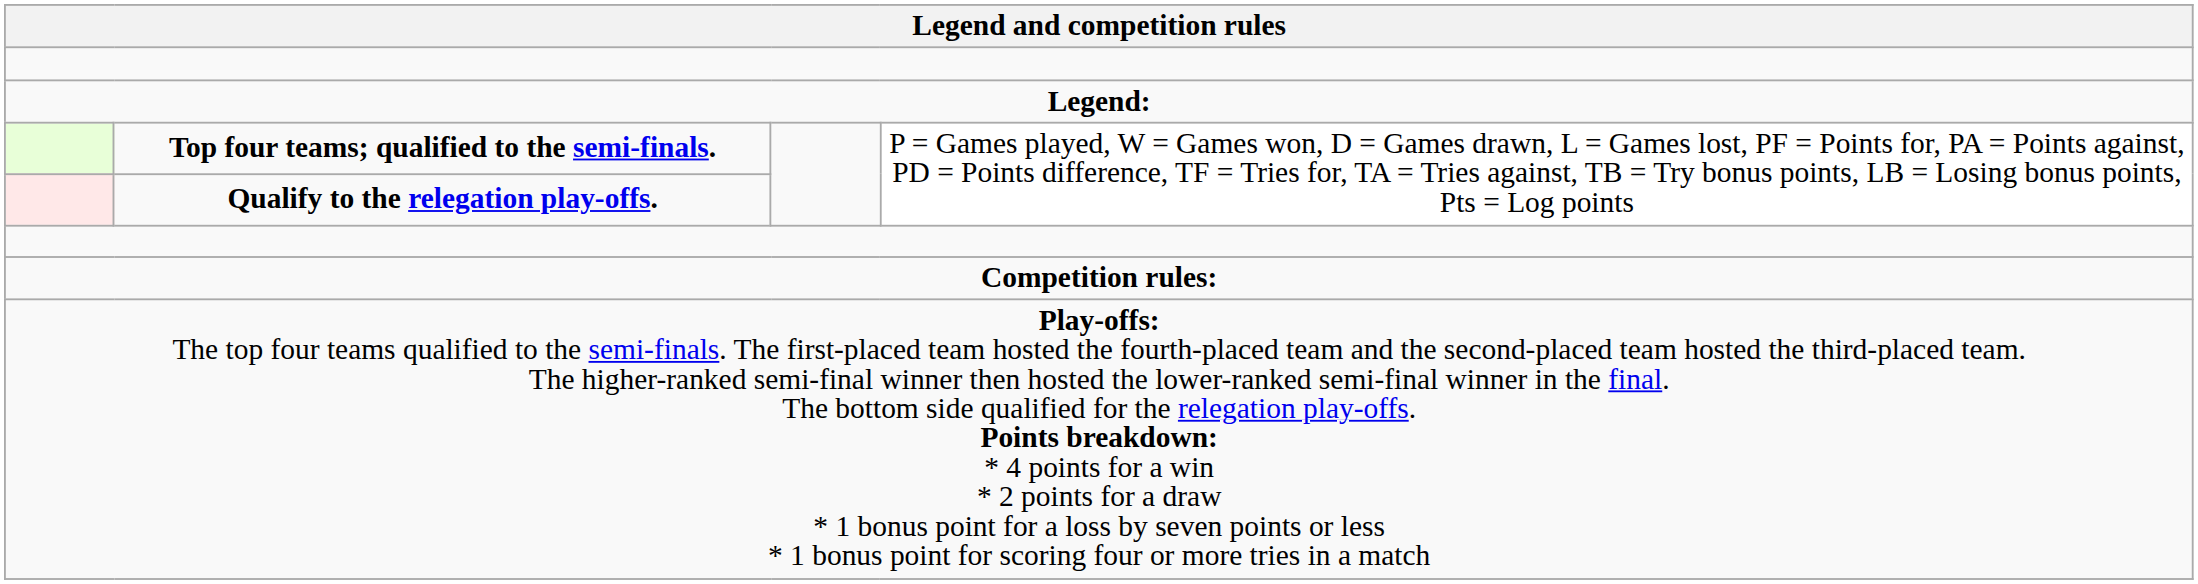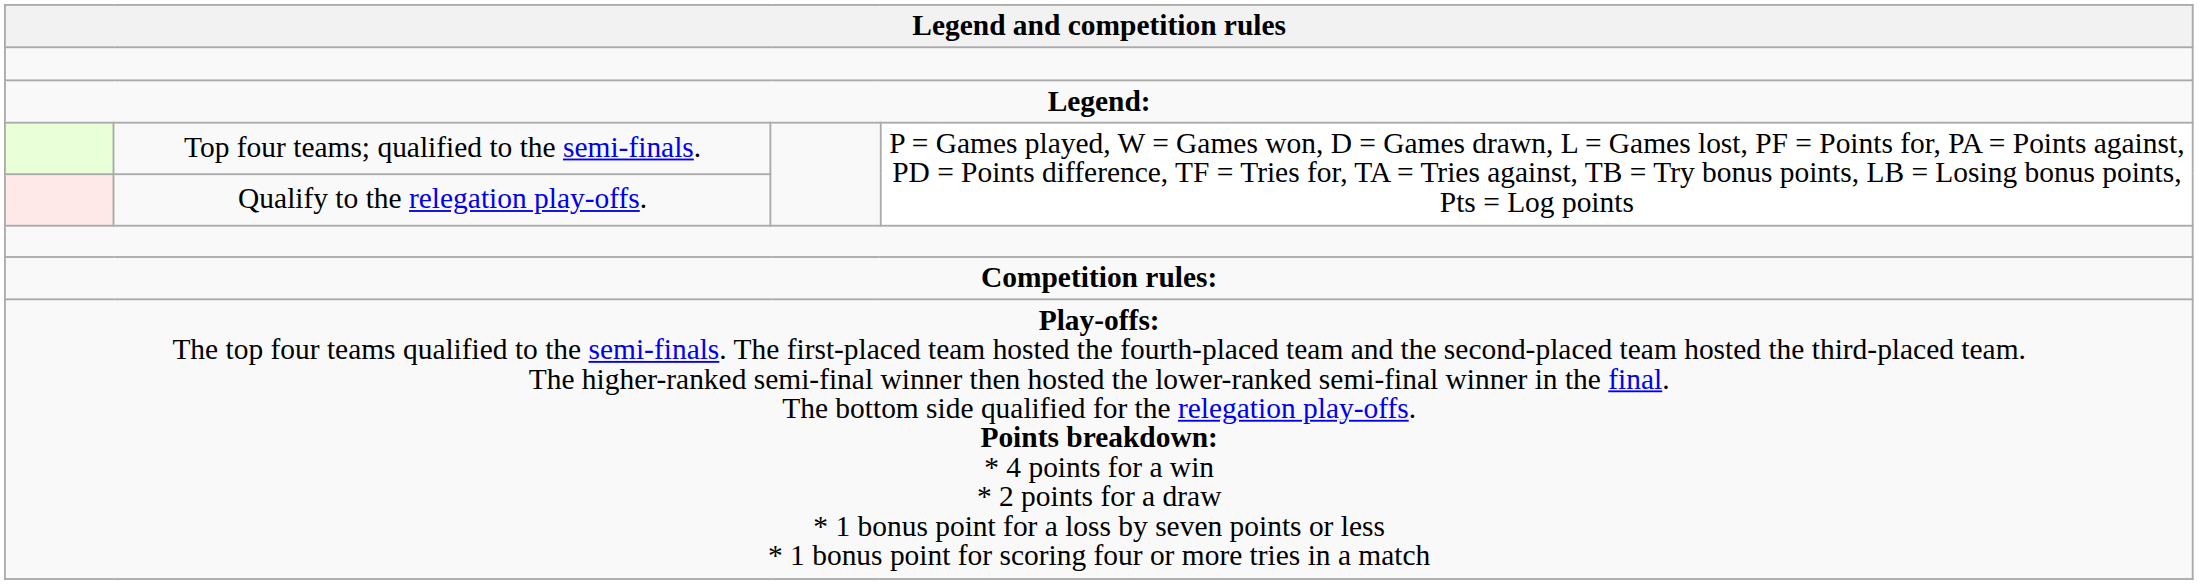 <table class="wikitable collapsible collapsed" style="text-align:center; line-height:100%; font-size:100%; width:60%;">
 <tr>
 <th colspan="100%" style="border:0px">Legend and competition rules</th>
 </tr>
 <tr>
 <td colspan="100%" style="height:10px"></td>
 </tr>
 <tr>
 <td colspan="100%" style="border:0px"><strong>Legend:</strong></td>
 </tr>
 <tr>
 <td style="height:10px; width:5%; background:#E8FFD8;"></td>
-<td style="width:30%;"><strong>Top four teams; qualified to the <a href='#'>semi-finals</a>.</strong></td>
+<td style="width:30%;">Top four teams; qualified to the <a href='#'>semi-finals</a>.</td>
 <td rowspan="2" style="width:5%;"></td>
 <td rowspan="2" style="width:60%; background:#FFFFFF;">P = Games played, W = Games won, D = Games drawn, L = Games lost, PF = Points for, PA = Points against, PD = Points difference, TF = Tries for, TA = Tries against, TB = Try bonus points, LB = Losing bonus points, Pts = Log points</td>
 </tr>
 <tr>
 <td style="height:10px; width:5%; background:#FFE8E8;"></td>
-<td><strong>Qualify to the <a href='#'>relegation play-offs</a>.</strong></td>
+<td>Qualify to the <a href='#'>relegation play-offs</a>.</td>
 </tr>
 <tr>
 <td colspan="100%" style="height:10px"></td>
 </tr>
 <tr>
 <td colspan="100%" style="border:0px"><strong>Competition rules:</strong></td>
 </tr>
 <tr>
 <td colspan="100%"><strong>Play-offs:</strong><br>The top four teams qualified to the <a href='#'>semi-finals</a>. The first-placed team hosted the fourth-placed team and the second-placed team hosted the third-placed team.<br>The higher-ranked semi-final winner then hosted the lower-ranked semi-final winner in the <a href='#'>final</a>.<br>The bottom side qualified for the <a href='#'>relegation play-offs</a>.<br><strong>Points breakdown:</strong><br>* 4 points for a win<br>* 2 points for a draw<br>* 1 bonus point for a loss by seven points or less<br>* 1 bonus point for scoring four or more tries in a match</td>
 </tr>
 </table>
